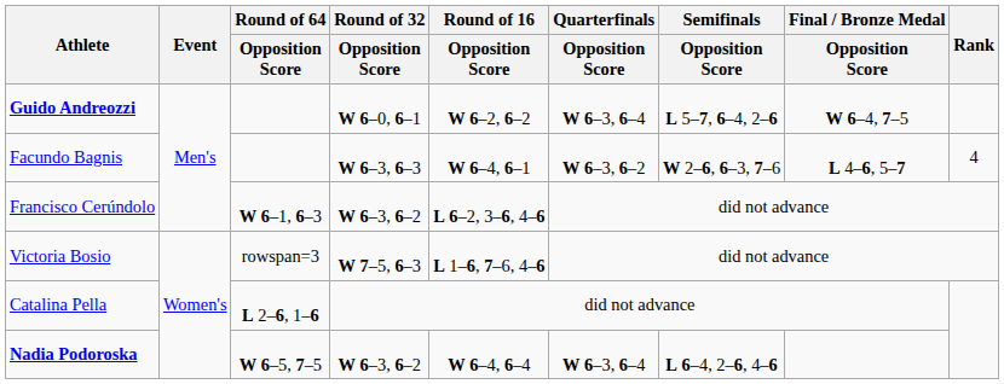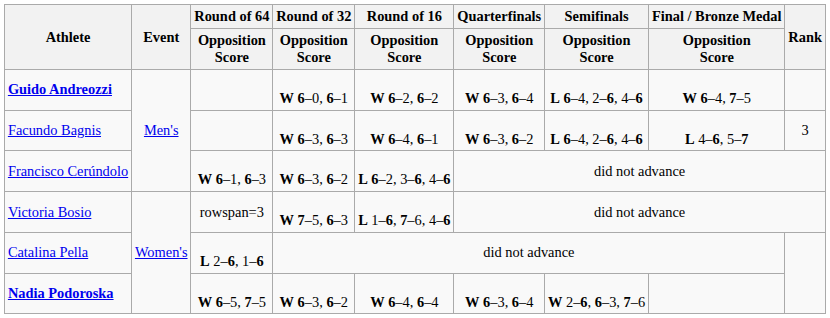 <table class="wikitable" border="1" style="font-size:90%">
 <tr>
 <th rowspan=2>Athlete</th>
 <th rowspan=2>Event</th>
 <th>Round of 64</th>
 <th>Round of 32</th>
 <th>Round of 16</th>
 <th>Quarterfinals</th>
 <th>Semifinals</th>
 <th>Final / Bronze Medal</th>
 <th rowspan=2>Rank</th>
 </tr>
 <tr>
 <th>Opposition<br>Score</th>
 <th>Opposition<br>Score</th>
 <th>Opposition<br>Score</th>
 <th>Opposition<br>Score</th>
 <th>Opposition<br>Score</th>
 <th>Opposition<br>Score</th>
 </tr>
 <tr style="text-align:center">
 <td style="text-align:left"><strong><a href='#'>Guido Andreozzi</a></strong></td>
 <td alignt=left rowspan="3"><a href='#'>Men's</a></td>
 <td></td>
 <td><br><strong>W</strong> <strong>6</strong>–0, <strong>6</strong>–1</td>
 <td><br><strong>W</strong> <strong>6</strong>–2, <strong>6</strong>–2</td>
 <td><br><strong>W</strong> <strong>6</strong>–3, <strong>6</strong>–4</td>
-<td><br><strong>L</strong> 5–<strong>7</strong>, <strong>6</strong>–4, 2–<strong>6</strong></td>
+<td><br><strong>L</strong> <strong>6</strong>–4, 2–<strong>6</strong>, 4–<strong>6</strong></td>
 <td><br><strong>W</strong> <strong>6</strong>–4, <strong>7</strong>–5</td>
 <td></td>
 </tr>
 <tr style="text-align:center">
 <td style="text-align:left"><a href='#'>Facundo Bagnis</a></td>
 <td></td>
 <td><br><strong>W</strong> <strong>6</strong>–3, <strong>6</strong>–3</td>
 <td><br><strong>W</strong> <strong>6</strong>–4, <strong>6</strong>–1</td>
 <td><br><strong>W</strong> <strong>6</strong>–3, <strong>6</strong>–2</td>
-<td><br><strong>W</strong> 2–<strong>6</strong>, <strong>6</strong>–3, <strong>7</strong>–6</td>
+<td><br><strong>L</strong> <strong>6</strong>–4, 2–<strong>6</strong>, 4–<strong>6</strong></td>
 <td><br><strong>L</strong> 4–<strong>6</strong>, 5–<strong>7</strong></td>
-<td>4</td>
+<td>3</td>
 </tr>
 <tr style="text-align:center">
 <td style="text-align:left"><a href='#'>Francisco Cerúndolo</a></td>
 <td><br><strong>W</strong> <strong>6</strong>–1, <strong>6</strong>–3</td>
 <td><br><strong>W</strong> <strong>6</strong>–3, <strong>6</strong>–2</td>
 <td><br><strong>L</strong> <strong>6</strong>–2, 3–<strong>6</strong>, 4–<strong>6</strong></td>
 <td colspan=4>did not advance</td>
 </tr>
 <tr style="text-align:center">
 <td style="text-align:left"><a href='#'>Victoria Bosio</a></td>
 <td style="text-align:left" rowspan="3"><a href='#'>Women's</a></td>
 <td>rowspan=3 </td>
 <td><br><strong>W</strong> <strong>7</strong>–5, <strong>6</strong>–3</td>
 <td><br><strong>L</strong> 1–<strong>6</strong>, <strong>7</strong>–6, 4–<strong>6</strong></td>
 <td colspan=4>did not advance</td>
 </tr>
 <tr>
 <td style="text-align:left"><a href='#'>Catalina Pella</a></td>
 <td style="text-align:center"><br><strong>L</strong> 2–<strong>6</strong>, 1–<strong>6</strong></td>
 <td style="text-align:center" colspan="5">did not advance</td>
 </tr>
 <tr style="text-align:center">
 <td style="text-align:left"><strong><a href='#'>Nadia Podoroska</a></strong></td>
 <td><br><strong>W</strong> <strong>6</strong>–5, <strong>7</strong>–5</td>
 <td><br><strong>W</strong> <strong>6</strong>–3, <strong>6</strong>–2</td>
 <td><br><strong>W</strong> <strong>6</strong>–4, <strong>6</strong>–4</td>
 <td><br><strong>W</strong> <strong>6</strong>–3, <strong>6</strong>–4</td>
-<td><br><strong>L</strong> <strong>6</strong>–4, 2–<strong>6</strong>, 4–<strong>6</strong></td>
+<td><br><strong>W</strong> 2–<strong>6</strong>, <strong>6</strong>–3, <strong>7</strong>–6</td>
 <td></td>
 </tr>
 </table>
